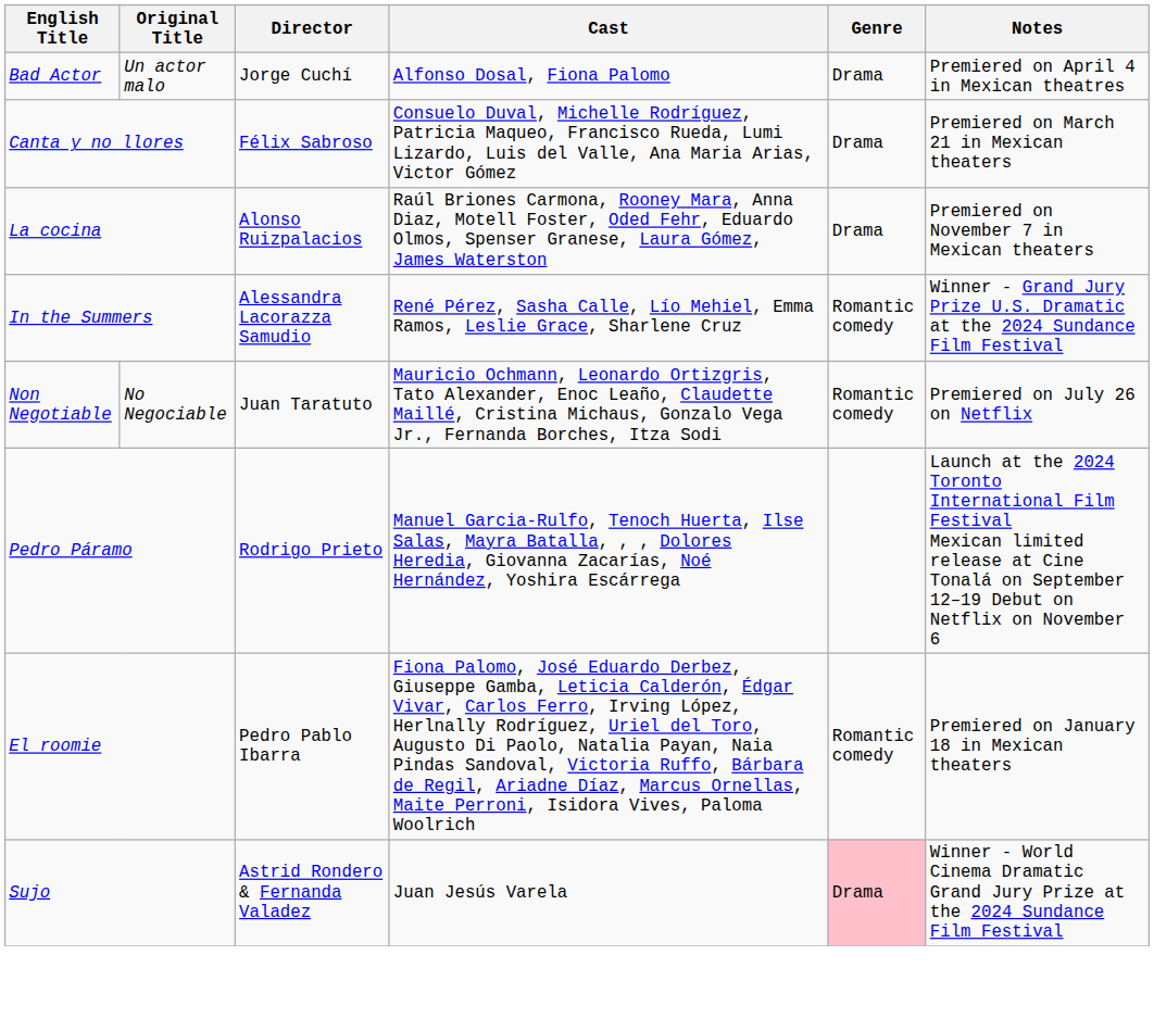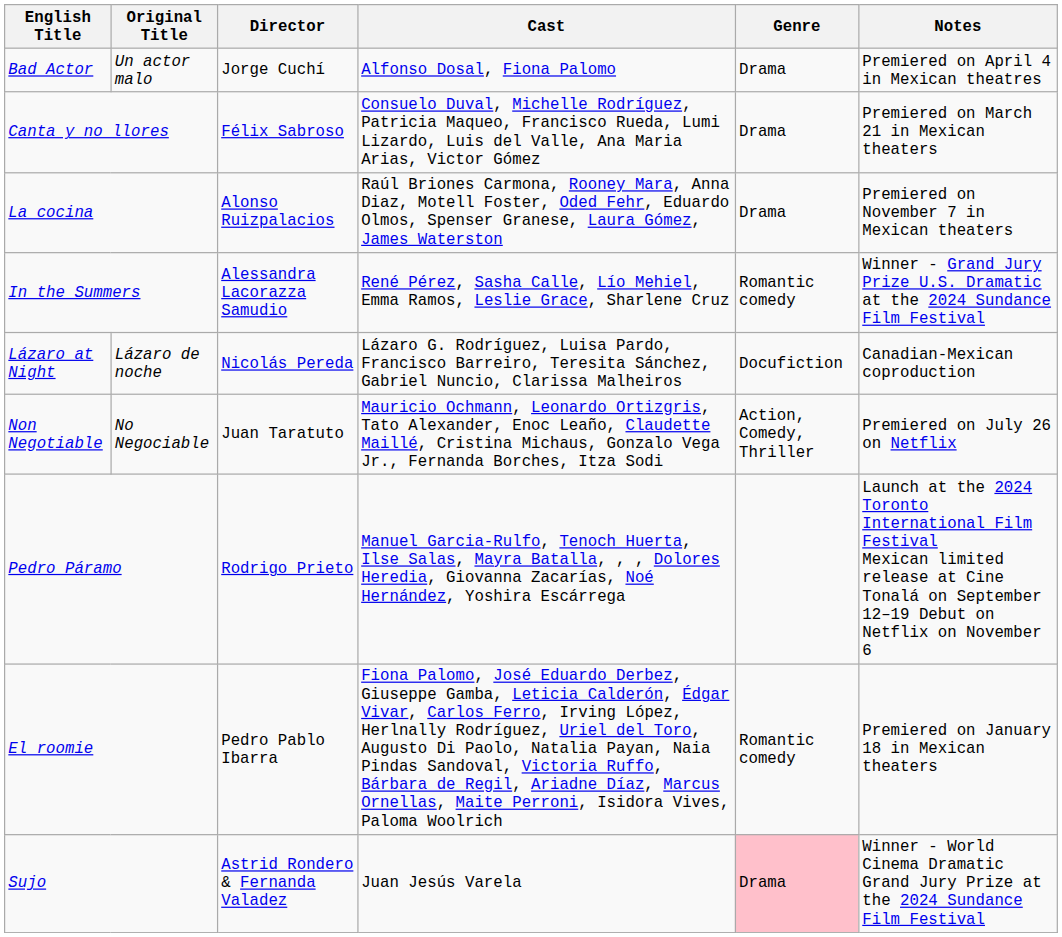 <table class="wikitable sortable">
 <tr>
 <th>English Title</th>
 <th>Original Title</th>
 <th>Director</th>
 <th>Cast</th>
 <th>Genre</th>
 <th>Notes</th>
 </tr>
 <tr>
 <td><em><a href='#'>Bad Actor</a></em></td>
 <td><em>Un actor malo</em></td>
 <td>Jorge Cuchí</td>
 <td><a href='#'>Alfonso Dosal</a>, <a href='#'>Fiona Palomo</a></td>
 <td>Drama</td>
 <td>Premiered on April 4 in Mexican theatres</td>
 </tr>
 <tr>
 <td colspan="2"><em><a href='#'>Canta y no llores</a></em></td>
 <td><a href='#'>Félix Sabroso</a></td>
 <td><a href='#'>Consuelo Duval</a>, <a href='#'>Michelle Rodríguez</a>, Patricia Maqueo, Francisco Rueda, Lumi Lizardo, Luis del Valle, Ana Maria Arias, Victor Gómez</td>
 <td>Drama</td>
 <td>Premiered on March 21 in Mexican theaters</td>
 </tr>
 <tr>
 <td colspan="2"><em><a href='#'>La cocina</a></em></td>
 <td><a href='#'>Alonso Ruizpalacios</a></td>
 <td>Raúl Briones Carmona, <a href='#'>Rooney Mara</a>, Anna Diaz, Motell Foster, <a href='#'>Oded Fehr</a>, Eduardo Olmos, Spenser Granese, <a href='#'>Laura Gómez</a>, <a href='#'>James Waterston</a></td>
 <td>Drama</td>
 <td>Premiered on November 7 in Mexican theaters</td>
 </tr>
 <tr>
 <td colspan="2"><em><a href='#'>In the Summers</a></em></td>
 <td><a href='#'>Alessandra Lacorazza Samudio</a></td>
 <td><a href='#'>René Pérez</a>, <a href='#'>Sasha Calle</a>, <a href='#'>Lío Mehiel</a>, Emma Ramos, <a href='#'>Leslie Grace</a>, Sharlene Cruz</td>
 <td>Romantic comedy</td>
 <td>Winner - <a href='#'>Grand Jury Prize U.S. Dramatic</a> at the <a href='#'>2024 Sundance Film Festival</a></td>
 </tr>
 <tr>
+<td><em><a href='#'>Lázaro at Night</a></em></td>
+<td><em>Lázaro de noche</em></td>
+<td><a href='#'>Nicolás Pereda</a></td>
+<td>Lázaro G. Rodríguez, Luisa Pardo, Francisco Barreiro, Teresita Sánchez, Gabriel Nuncio, Clarissa Malheiros</td>
+<td>Docufiction</td>
+<td>Canadian-Mexican coproduction</td>
+</tr>
+<tr>
 <td><em><a href='#'>Non Negotiable</a></em></td>
 <td><em>No Negociable</em></td>
 <td>Juan Taratuto</td>
 <td><a href='#'>Mauricio Ochmann</a>, <a href='#'>Leonardo Ortizgris</a>, Tato Alexander, Enoc Leaño, <a href='#'>Claudette Maillé</a>, Cristina Michaus, Gonzalo Vega Jr., Fernanda Borches, Itza Sodi</td>
-<td>Romantic comedy</td>
+<td>Action, Comedy, Thriller</td>
 <td>Premiered on July 26 on <a href='#'>Netflix</a></td>
 </tr>
 <tr>
 <td colspan = "2"><em><a href='#'>Pedro Páramo</a></em></td>
 <td><a href='#'>Rodrigo Prieto</a></td>
 <td><a href='#'>Manuel Garcia-Rulfo</a>, <a href='#'>Tenoch Huerta</a>, <a href='#'>Ilse Salas</a>, <a href='#'>Mayra Batalla</a>, , , <a href='#'>Dolores Heredia</a>, Giovanna Zacarías, <a href='#'>Noé Hernández</a>, Yoshira Escárrega</td>
 <td></td>
 <td>Launch at the <a href='#'>2024 Toronto International Film Festival</a><br>Mexican limited release at Cine Tonalá on September 12–19 Debut on Netflix on November 6</td>
 </tr>
 <tr>
 <td colspan="2"><em><a href='#'>El roomie</a></em></td>
 <td>Pedro Pablo Ibarra</td>
 <td><a href='#'>Fiona Palomo</a>, <a href='#'>José Eduardo Derbez</a>, Giuseppe Gamba, <a href='#'>Leticia Calderón</a>, <a href='#'>Édgar Vivar</a>, <a href='#'>Carlos Ferro</a>, Irving López, Herlnally Rodríguez, <a href='#'>Uriel del Toro</a>, Augusto Di Paolo, Natalia Payan, Naia Pindas Sandoval, <a href='#'>Victoria Ruffo</a>, <a href='#'>Bárbara de Regil</a>, <a href='#'>Ariadne Díaz</a>, <a href='#'>Marcus Ornellas</a>, <a href='#'>Maite Perroni</a>, Isidora Vives, Paloma Woolrich</td>
 <td>Romantic comedy</td>
 <td>Premiered on January 18 in Mexican theaters</td>
 </tr>
 <tr>
 <td colspan="2"><em><a href='#'>Sujo</a></em></td>
 <td><a href='#'>Astrid Rondero</a> & <a href='#'>Fernanda Valadez</a></td>
 <td>Juan Jesús Varela</td>
 <td style="background: pink;">Drama</td>
 <td>Winner - World Cinema Dramatic Grand Jury Prize at the <a href='#'>2024 Sundance Film Festival</a></td>
 </tr>
 </table>
